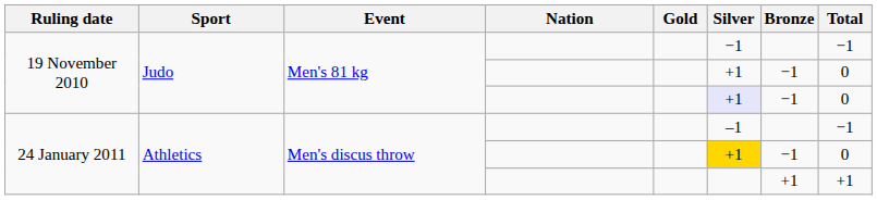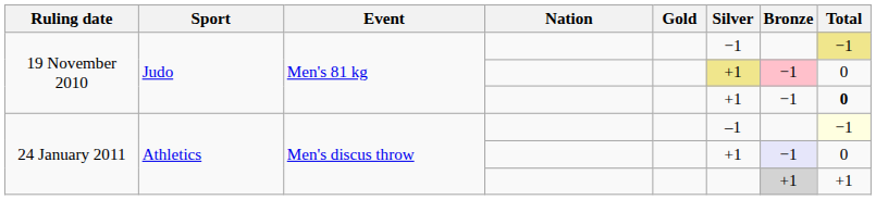 <table class="wikitable" style="text-align:center; font-size:90%;">
 <tr>
 <th scope="col" width="110">Ruling date</th>
 <th scope="col" width="120">Sport</th>
 <th scope="col" width="170">Event</th>
 <th scope="col" width="140">Nation</th>
 <th scope="col" width="40">Gold</th>
 <th scope="col" width="40">Silver</th>
 <th scope="col" width="40">Bronze</th>
 <th scope="col" width="40">Total</th>
 </tr>
 <tr>
 <td rowspan=3>19 November 2010</td>
 <td rowspan=3 align=left><a href='#'>Judo</a></td>
 <td rowspan=3 align=left><a href='#'>Men's 81 kg</a></td>
 <td align=left></td>
 <td></td>
 <td>−1</td>
 <td></td>
-<td>−1</td>
+<td style="background: khaki;">−1</td>
+</tr>
+<tr>
+<td align=left></td>
+<td></td>
+<td style="background: khaki;">+1</td>
+<td style="background: pink;">−1</td>
+<td>0</td>
 </tr>
 <tr>
 <td align=left></td>
 <td></td>
 <td>+1</td>
 <td>−1</td>
-<td>0</td>
-</tr>
-<tr>
-<td align=left></td>
-<td></td>
-<td style="background: lavender;">+1</td>
-<td>−1</td>
-<td>0</td>
+<td><strong>0</strong></td>
 </tr>
 <tr>
 <td rowspan=3>24 January 2011</td>
 <td rowspan=3 align=left><a href='#'>Athletics</a></td>
 <td rowspan=3 align=left><a href='#'>Men's discus throw</a></td>
 <td align=left></td>
 <td></td>
 <td>–1</td>
 <td></td>
-<td>−1</td>
+<td style="background: lightyellow;">−1</td>
 </tr>
 <tr>
 <td align=left></td>
 <td></td>
-<td style="background: gold;">+1</td>
-<td>−1</td>
+<td>+1</td>
+<td style="background: lavender;">−1</td>
 <td>0</td>
 </tr>
 <tr>
 <td align=left></td>
 <td></td>
 <td></td>
-<td>+1</td>
+<td style="background: lightgrey;">+1</td>
 <td>+1</td>
 </tr>
 </table>
